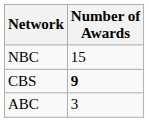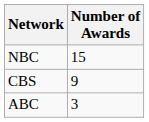 <table class="wikitable">
 <tr>
 <th>Network</th>
 <th>Number of<br>Awards</th>
 </tr>
 <tr>
 <td>NBC</td>
 <td>15</td>
 </tr>
 <tr>
 <td>CBS</td>
-<td><strong>9</strong></td>
+<td>9</td>
 </tr>
 <tr>
 <td>ABC</td>
 <td>3</td>
 </tr>
 </table>
